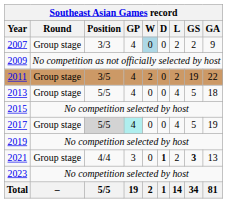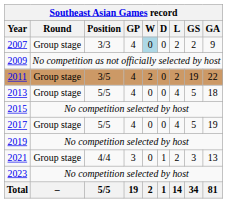 <table class="wikitable" style="text-align: center;font-size:90%;">
 <tr>
 <th colspan=9><a href='#'>Southeast Asian Games</a> record</th>
 </tr>
 <tr>
 <th>Year</th>
 <th>Round</th>
 <th>Position</th>
 <th>GP</th>
 <th>W</th>
 <th>D</th>
 <th>L</th>
 <th>GS</th>
 <th>GA</th>
 </tr>
 <tr>
 <td> <a href='#'>2007</a></td>
 <td>Group stage</td>
 <td>3/3</td>
 <td>4</td>
 <td style="background: lightblue;">0</td>
 <td>0</td>
 <td>2</td>
 <td>2</td>
 <td>9</td>
 </tr>
 <tr>
 <td> <a href='#'>2009</a></td>
 <td colspan=8><em>No competition as not officially selected by host</em></td>
 </tr>
 <tr style="background:#c96;">
 <td> <a href='#'>2011</a></td>
 <td>Group stage</td>
 <td>3/5</td>
 <td>4</td>
 <td>2</td>
 <td>0</td>
 <td>2</td>
 <td>19</td>
 <td>22</td>
 </tr>
 <tr>
 <td> <a href='#'>2013</a></td>
 <td>Group stage</td>
 <td>5/5</td>
 <td>4</td>
 <td>0</td>
 <td>0</td>
 <td>4</td>
 <td>5</td>
 <td>18</td>
 </tr>
 <tr>
 <td> <a href='#'>2015</a></td>
 <td colspan=8><em>No competition selected by host</em></td>
 </tr>
 <tr>
 <td> <a href='#'>2017</a></td>
 <td>Group stage</td>
-<td style="background: lightgrey;">5/5</td>
-<td style="background: paleturquoise;">4</td>
+<td>5/5</td>
+<td>4</td>
 <td>0</td>
 <td>0</td>
 <td>4</td>
 <td>5</td>
 <td>19</td>
 </tr>
 <tr>
 <td> <a href='#'>2019</a></td>
 <td colspan=8><em>No competition selected by host</em></td>
 </tr>
 <tr>
 <td> <a href='#'>2021</a></td>
 <td>Group stage</td>
 <td>4/4</td>
 <td>3</td>
 <td>0</td>
-<td><strong>1</strong></td>
+<td>1</td>
 <td>2</td>
-<td><strong>3</strong></td>
+<td>3</td>
 <td>13</td>
 </tr>
 <tr>
 <td> <a href='#'>2023</a></td>
 <td colspan=8><em>No competition selected by host</em></td>
 </tr>
 <tr>
 <th><strong>Total</strong></th>
 <th>–</th>
 <th>5/5</th>
 <th><strong>19</strong></th>
 <th><strong>2</strong></th>
 <th><strong>1</strong></th>
 <th><strong>14</strong></th>
 <th><strong>34</strong></th>
 <th><strong>81</strong></th>
 </tr>
 </table>
